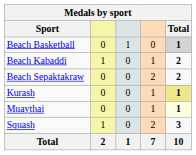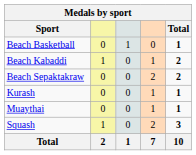 <table class="wikitable" style="font-size:90%; text-align:center;">
 <tr>
 <th colspan=5>Medals by sport</th>
 </tr>
 <tr>
 <th width=120>Sport</th>
 <th scope="col" width=30 style="background:#F7F6A8;"></th>
 <th scope="col" width=30 style="background:#DCE5E5;"></th>
 <th scope="col" width=30 style="background:#FFDAB9;"></th>
 <th width=30>Total</th>
 </tr>
 <tr>
 <td align=left> <a href='#'>Beach Basketball</a></td>
 <td style="background:#F7F6A8;">0</td>
 <td style="background:#DCE5E5;">1</td>
 <td style="background:#FFDAB9;">0</td>
-<td style="background: lightgrey;"><strong>1</strong></td>
+<td><strong>1</strong></td>
 </tr>
 <tr>
 <td align=left> <a href='#'>Beach Kabaddi</a></td>
 <td style="background:#F7F6A8;">1</td>
 <td style="background:#DCE5E5;">0</td>
 <td style="background:#FFDAB9;">1</td>
 <td><strong>2</strong></td>
 </tr>
 <tr>
 <td align=left> <a href='#'>Beach Sepaktakraw</a></td>
 <td style="background:#F7F6A8;">0</td>
 <td style="background:#DCE5E5;">0</td>
 <td style="background:#FFDAB9;">2</td>
 <td><strong>2</strong></td>
 </tr>
 <tr>
 <td align=left> <a href='#'>Kurash</a></td>
 <td style="background:#F7F6A8;">0</td>
 <td style="background:#DCE5E5;">0</td>
 <td style="background:#FFDAB9;">1</td>
-<td style="background: khaki;"><strong>1</strong></td>
+<td><strong>1</strong></td>
 </tr>
 <tr>
 <td align=left> <a href='#'>Muaythai</a></td>
 <td style="background:#F7F6A8;">0</td>
 <td style="background:#DCE5E5;">0</td>
 <td style="background:#FFDAB9;">1</td>
-<td style="background: lightyellow;"><strong>1</strong></td>
+<td><strong>1</strong></td>
 </tr>
 <tr>
 <td align=left> <a href='#'>Squash</a></td>
 <td style="background:#F7F6A8;">1</td>
 <td style="background:#DCE5E5;">0</td>
 <td style="background:#FFDAB9;">2</td>
 <td><strong>3</strong></td>
 </tr>
 <tr class="sortbottom">
 <th>Total</th>
 <th>2</th>
 <th>1</th>
 <th>7</th>
 <th>10</th>
 </tr>
 </table>
